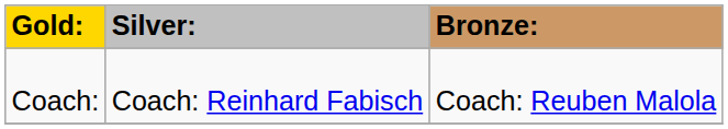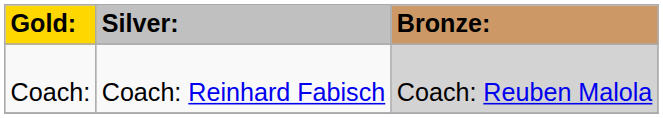 <table class="wikitable">
 <tr>
 <td !align="center" bgcolor="gold"><strong>Gold:</strong></td>
 <td !align="center" bgcolor="silver"><strong>Silver:</strong></td>
 <td !align="center" bgcolor="#CC9966"><strong>Bronze:</strong></td>
 </tr>
 <tr valign=top>
 <td><br>Coach:</td>
 <td><br>Coach: <a href='#'>Reinhard Fabisch</a></td>
-<td><br>Coach: <a href='#'>Reuben Malola</a></td>
+<td style="background: lightgrey;"><br>Coach: <a href='#'>Reuben Malola</a></td>
 </tr>
 <tr>
 </tr>
 </table>
